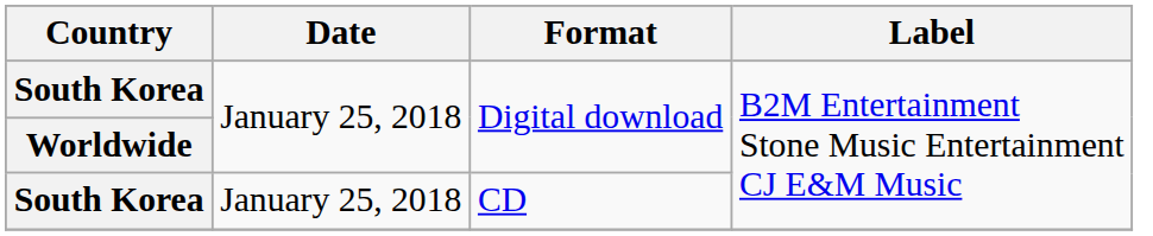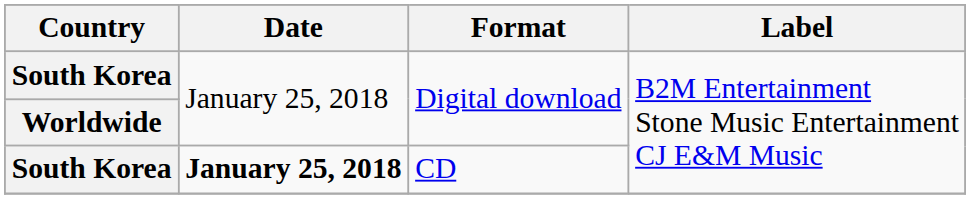 <table class="wikitable plainrowheaders">
 <tr>
 <th scope="col">Country</th>
 <th>Date</th>
 <th>Format</th>
 <th>Label</th>
 </tr>
 <tr>
 <th scope="row" rowspan="1">South Korea</th>
 <td rowspan="2">January 25, 2018</td>
 <td rowspan="2"><a href='#'>Digital download</a></td>
 <td rowspan="3"><a href='#'>B2M Entertainment</a><br>Stone Music Entertainment<br><a href='#'>CJ E&M Music</a></td>
 </tr>
 <tr>
 <th scope="row" rowspan="1">Worldwide</th>
 </tr>
 <tr>
 <th scope="row" rowspan="1">South Korea</th>
-<td>January 25, 2018</td>
+<td><strong>January 25, 2018</strong></td>
 <td><a href='#'>CD</a></td>
 </tr>
 <tr>
 </tr>
 </table>
